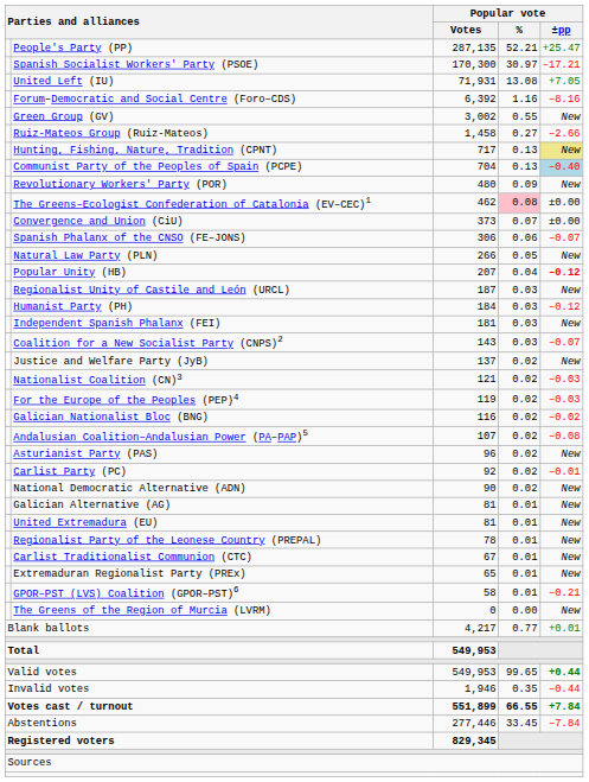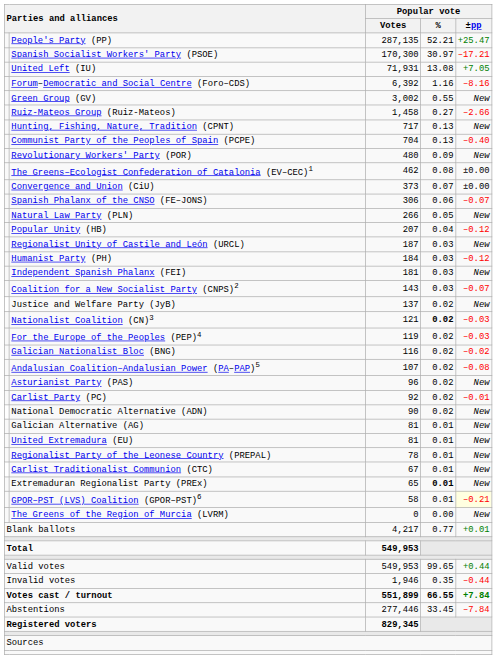 <table class="wikitable" style="text-align:right">
 <tr>
 <th style="text-align:left;" rowspan="2" colspan="2" width="525">Parties and alliances</th>
 <th colspan="3">Popular vote</th>
 </tr>
 <tr>
 <th width="75">Votes</th>
 <th width="45">%</th>
 <th width="45">±<a href='#'>pp</a></th>
 </tr>
 <tr>
 <td width="1" style="color:inherit;background:"></td>
 <td align="left"><a href='#'>People's Party</a> (PP)</td>
 <td>287,135</td>
 <td>52.21</td>
 <td style="color:green;">+25.47</td>
 </tr>
 <tr>
 <td style="color:inherit;background:"></td>
 <td align="left"><a href='#'>Spanish Socialist Workers' Party</a> (PSOE)</td>
 <td>170,300</td>
 <td>30.97</td>
 <td style="color:red;">–17.21</td>
 </tr>
 <tr>
 <td style="color:inherit;background:"></td>
 <td align="left"><a href='#'>United Left</a> (IU)</td>
 <td>71,931</td>
 <td>13.08</td>
 <td style="color:green;">+7.05</td>
 </tr>
 <tr>
 <td style="color:inherit;background:"></td>
 <td align="left"><a href='#'>Forum</a>–<a href='#'>Democratic and Social Centre</a> (Foro–CDS)</td>
 <td>6,392</td>
 <td>1.16</td>
 <td style="color:red;">–8.16</td>
 </tr>
 <tr>
 <td style="color:inherit;background:"></td>
 <td align="left"><a href='#'>Green Group</a> (GV)</td>
 <td>3,002</td>
 <td>0.55</td>
 <td><em>New</em></td>
 </tr>
 <tr>
 <td style="color:inherit;background:"></td>
 <td align="left"><a href='#'>Ruiz-Mateos Group</a> (Ruiz-Mateos)</td>
 <td>1,458</td>
 <td>0.27</td>
 <td style="color:red;">–2.66</td>
 </tr>
 <tr>
 <td style="color:inherit;background:"></td>
 <td align="left"><a href='#'>Hunting, Fishing, Nature, Tradition</a> (CPNT)</td>
 <td>717</td>
 <td>0.13</td>
-<td style="background: khaki;"><em>New</em></td>
+<td><em>New</em></td>
 </tr>
 <tr>
 <td style="color:inherit;background:"></td>
 <td align="left"><a href='#'>Communist Party of the Peoples of Spain</a> (PCPE)</td>
 <td>704</td>
 <td>0.13</td>
-<td style="background: lightblue; color:red;">–0.40</td>
+<td style="color:red;">–0.40</td>
 </tr>
 <tr>
 <td style="color:inherit;background:"></td>
 <td align="left"><a href='#'>Revolutionary Workers' Party</a> (POR)</td>
 <td>480</td>
 <td>0.09</td>
 <td><em>New</em></td>
 </tr>
 <tr>
 <td style="color:inherit;background:"></td>
 <td align="left"><a href='#'>The Greens–Ecologist Confederation of Catalonia</a> (EV–CEC)<sup>1</sup></td>
 <td>462</td>
-<td style="background: pink;">0.08</td>
+<td>0.08</td>
 <td>±0.00</td>
 </tr>
 <tr>
 <td style="color:inherit;background:"></td>
 <td align="left"><a href='#'>Convergence and Union</a> (CiU)</td>
 <td>373</td>
 <td>0.07</td>
 <td>±0.00</td>
 </tr>
 <tr>
 <td style="color:inherit;background:"></td>
 <td align="left"><a href='#'>Spanish Phalanx of the CNSO</a> (FE–JONS)</td>
 <td>306</td>
 <td>0.06</td>
 <td style="color:red;">–0.07</td>
 </tr>
 <tr>
 <td style="color:inherit;background:"></td>
 <td align="left"><a href='#'>Natural Law Party</a> (PLN)</td>
 <td>266</td>
 <td>0.05</td>
 <td><em>New</em></td>
 </tr>
 <tr>
 <td style="color:inherit;background:"></td>
 <td align="left"><a href='#'>Popular Unity</a> (HB)</td>
 <td>207</td>
 <td>0.04</td>
-<td style="color:red;"><strong>–0.12</strong></td>
+<td style="color:red;">–0.12</td>
 </tr>
 <tr>
 <td style="color:inherit;background:"></td>
 <td align="left"><a href='#'>Regionalist Unity of Castile and León</a> (URCL)</td>
 <td>187</td>
 <td>0.03</td>
 <td><em>New</em></td>
 </tr>
 <tr>
 <td style="color:inherit;background:"></td>
 <td align="left"><a href='#'>Humanist Party</a> (PH)</td>
 <td>184</td>
 <td>0.03</td>
 <td style="color:red;">–0.12</td>
 </tr>
 <tr>
 <td style="color:inherit;background:"></td>
 <td align="left"><a href='#'>Independent Spanish Phalanx</a> (FEI)</td>
 <td>181</td>
 <td>0.03</td>
 <td><em>New</em></td>
 </tr>
 <tr>
 <td style="color:inherit;background:"></td>
 <td align="left"><a href='#'>Coalition for a New Socialist Party</a> (CNPS)<sup>2</sup></td>
 <td>143</td>
 <td>0.03</td>
 <td style="color:red;">–0.07</td>
 </tr>
 <tr>
 <td bgcolor="white"></td>
 <td align="left">Justice and Welfare Party (JyB)</td>
 <td>137</td>
 <td>0.02</td>
 <td><em>New</em></td>
 </tr>
 <tr>
 <td style="color:inherit;background:"></td>
 <td align="left"><a href='#'>Nationalist Coalition</a> (CN)<sup>3</sup></td>
 <td>121</td>
-<td>0.02</td>
+<td><strong>0.02</strong></td>
 <td style="color:red;">–0.03</td>
 </tr>
 <tr>
 <td style="color:inherit;background:"></td>
 <td align="left"><a href='#'>For the Europe of the Peoples</a> (PEP)<sup>4</sup></td>
 <td>119</td>
 <td>0.02</td>
 <td style="color:red;">–0.03</td>
 </tr>
 <tr>
 <td style="color:inherit;background:"></td>
 <td align="left"><a href='#'>Galician Nationalist Bloc</a> (BNG)</td>
 <td>116</td>
 <td>0.02</td>
 <td style="color:red;">–0.02</td>
 </tr>
 <tr>
 <td style="color:inherit;background:"></td>
 <td align="left"><a href='#'>Andalusian Coalition–Andalusian Power</a> (<a href='#'>PA</a>–<a href='#'>PAP</a>)<sup>5</sup></td>
 <td>107</td>
 <td>0.02</td>
 <td style="color:red;">–0.08</td>
 </tr>
 <tr>
 <td style="color:inherit;background:"></td>
 <td align="left"><a href='#'>Asturianist Party</a> (PAS)</td>
 <td>96</td>
 <td>0.02</td>
 <td><em>New</em></td>
 </tr>
 <tr>
 <td style="color:inherit;background:"></td>
 <td align="left"><a href='#'>Carlist Party</a> (PC)</td>
 <td>92</td>
 <td>0.02</td>
 <td style="color:red;">–0.01</td>
 </tr>
 <tr>
 <td bgcolor="white"></td>
 <td align="left">National Democratic Alternative (ADN)</td>
 <td>90</td>
 <td>0.02</td>
 <td><em>New</em></td>
 </tr>
 <tr>
 <td style="color:inherit;background:"></td>
 <td align="left">Galician Alternative (AG)</td>
 <td>81</td>
 <td>0.01</td>
 <td><em>New</em></td>
 </tr>
 <tr>
 <td style="color:inherit;background:"></td>
 <td align="left"><a href='#'>United Extremadura</a> (EU)</td>
 <td>81</td>
 <td>0.01</td>
 <td><em>New</em></td>
 </tr>
 <tr>
 <td style="color:inherit;background:"></td>
 <td align="left"><a href='#'>Regionalist Party of the Leonese Country</a> (PREPAL)</td>
 <td>78</td>
 <td>0.01</td>
 <td><em>New</em></td>
 </tr>
 <tr>
 <td bgcolor="white"></td>
 <td align="left"><a href='#'>Carlist Traditionalist Communion</a> (CTC)</td>
 <td>67</td>
 <td>0.01</td>
 <td><em>New</em></td>
 </tr>
 <tr>
 <td style="color:inherit;background:"></td>
 <td align="left">Extremaduran Regionalist Party (PREx)</td>
 <td>65</td>
-<td>0.01</td>
+<td><strong>0.01</strong></td>
 <td><em>New</em></td>
 </tr>
 <tr>
 <td style="color:inherit;background:"></td>
 <td align="left"><a href='#'>GPOR–PST (LVS) Coalition</a> (GPOR–PST)<sup>6</sup></td>
 <td>58</td>
 <td>0.01</td>
-<td style="color:red;">–0.21</td>
+<td style="background: lightyellow; color:red;">–0.21</td>
 </tr>
 <tr>
 <td style="color:inherit;background:"></td>
 <td align="left"><a href='#'>The Greens of the Region of Murcia</a> (LVRM)</td>
 <td>0</td>
 <td>0.00</td>
 <td><em>New</em></td>
 </tr>
 <tr>
 <td align="left" colspan="2">Blank ballots</td>
 <td>4,217</td>
 <td>0.77</td>
 <td style="color:green;">+0.01</td>
 </tr>
 <tr>
 <td colspan="5" bgcolor="#E9E9E9"></td>
 </tr>
 <tr style="font-weight:bold;">
 <td align="left" colspan="2">Total</td>
 <td>549,953</td>
 <td bgcolor="#E9E9E9" colspan="2"></td>
 </tr>
 <tr>
 <td colspan="5" bgcolor="#E9E9E9"></td>
 </tr>
 <tr>
 <td align="left" colspan="2">Valid votes</td>
 <td>549,953</td>
 <td>99.65</td>
-<td style="color:green;"><strong>+0.44</strong></td>
+<td style="color:green;">+0.44</td>
 </tr>
 <tr>
 <td align="left" colspan="2">Invalid votes</td>
 <td>1,946</td>
 <td>0.35</td>
 <td style="color:red;">–0.44</td>
 </tr>
 <tr style="font-weight:bold;">
 <td align="left" colspan="2">Votes cast / turnout</td>
 <td>551,899</td>
 <td>66.55</td>
 <td style="color:green;">+7.84</td>
 </tr>
 <tr>
 <td align="left" colspan="2">Abstentions</td>
 <td>277,446</td>
 <td>33.45</td>
 <td style="color:red;">–7.84</td>
 </tr>
 <tr style="font-weight:bold;">
 <td align="left" colspan="2">Registered voters</td>
 <td>829,345</td>
 <td bgcolor="#E9E9E9" colspan="2"></td>
 </tr>
 <tr>
 <td colspan="5" bgcolor="#E9E9E9"></td>
 </tr>
 <tr>
 <td align="left" colspan="5">Sources</td>
 </tr>
 <tr>
 <td colspan="5" style="text-align:left; max-width:680px;"></td>
 </tr>
 </table>
